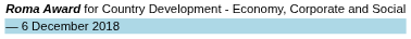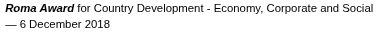 <table>
 <tr>
 <td><strong><em>Roma Award</em></strong> for Country Development - Economy, Corporate and Social</td>
 </tr>
 <tr>
-<td style="background: lightblue;">— 6 December 2018 </td>
+<td>— 6 December 2018 </td>
 </tr>
 </table>
